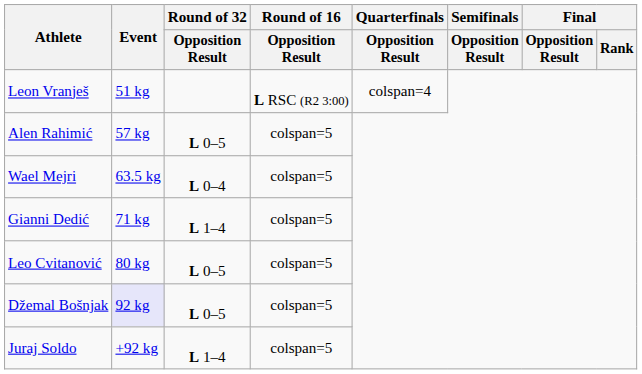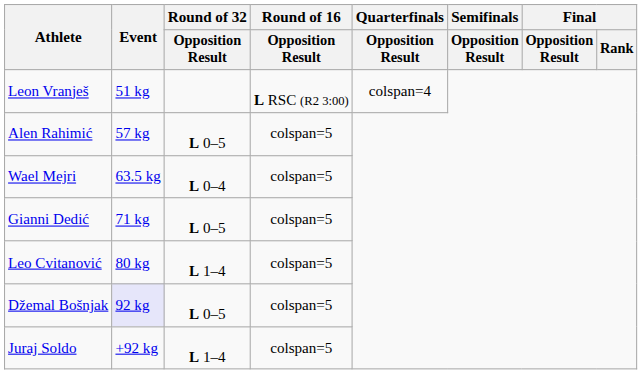 <table class="wikitable" style="text-align:center; font-size:90%">
 <tr>
 <th rowspan=2>Athlete</th>
 <th rowspan=2>Event</th>
 <th>Round of 32</th>
 <th>Round of 16</th>
 <th>Quarterfinals</th>
 <th>Semifinals</th>
 <th colspan=2>Final</th>
 </tr>
 <tr style="font-size:95%">
 <th>Opposition<br>Result</th>
 <th>Opposition<br>Result</th>
 <th>Opposition<br>Result</th>
 <th>Opposition<br>Result</th>
 <th>Opposition<br>Result</th>
 <th>Rank</th>
 </tr>
 <tr>
 <td align=left><a href='#'>Leon Vranješ</a></td>
 <td align=left><a href='#'>51 kg</a></td>
 <td></td>
 <td><br><strong>L</strong> RSC <small>(R2 3:00)</small></td>
 <td>colspan=4 </td>
 </tr>
 <tr>
 <td align=left><a href='#'>Alen Rahimić</a></td>
 <td align=left><a href='#'>57 kg</a></td>
 <td><br><strong>L</strong> 0–5</td>
 <td>colspan=5 </td>
 </tr>
 <tr>
 <td align=left><a href='#'>Wael Mejri</a></td>
 <td align=left><a href='#'>63.5 kg</a></td>
 <td><br><strong>L</strong> 0–4</td>
 <td>colspan=5 </td>
 </tr>
 <tr>
 <td align=left><a href='#'>Gianni Dedić</a></td>
 <td align=left><a href='#'>71 kg</a></td>
-<td><br><strong>L</strong> 1–4</td>
+<td><br><strong>L</strong> 0–5</td>
 <td>colspan=5 </td>
 </tr>
 <tr>
 <td align=left><a href='#'>Leo Cvitanović</a></td>
 <td align=left><a href='#'>80 kg</a></td>
-<td><br><strong>L</strong> 0–5</td>
+<td><br><strong>L</strong> 1–4</td>
 <td>colspan=5 </td>
 </tr>
 <tr>
 <td align=left><a href='#'>Džemal Bošnjak</a></td>
 <td align=left style="background: lavender;"><a href='#'>92 kg</a></td>
 <td><br><strong>L</strong> 0–5</td>
 <td>colspan=5 </td>
 </tr>
 <tr>
 <td align=left><a href='#'>Juraj Soldo</a></td>
 <td align=left><a href='#'>+92 kg</a></td>
 <td><br><strong>L</strong> 1–4</td>
 <td>colspan=5 </td>
 </tr>
 </table>
